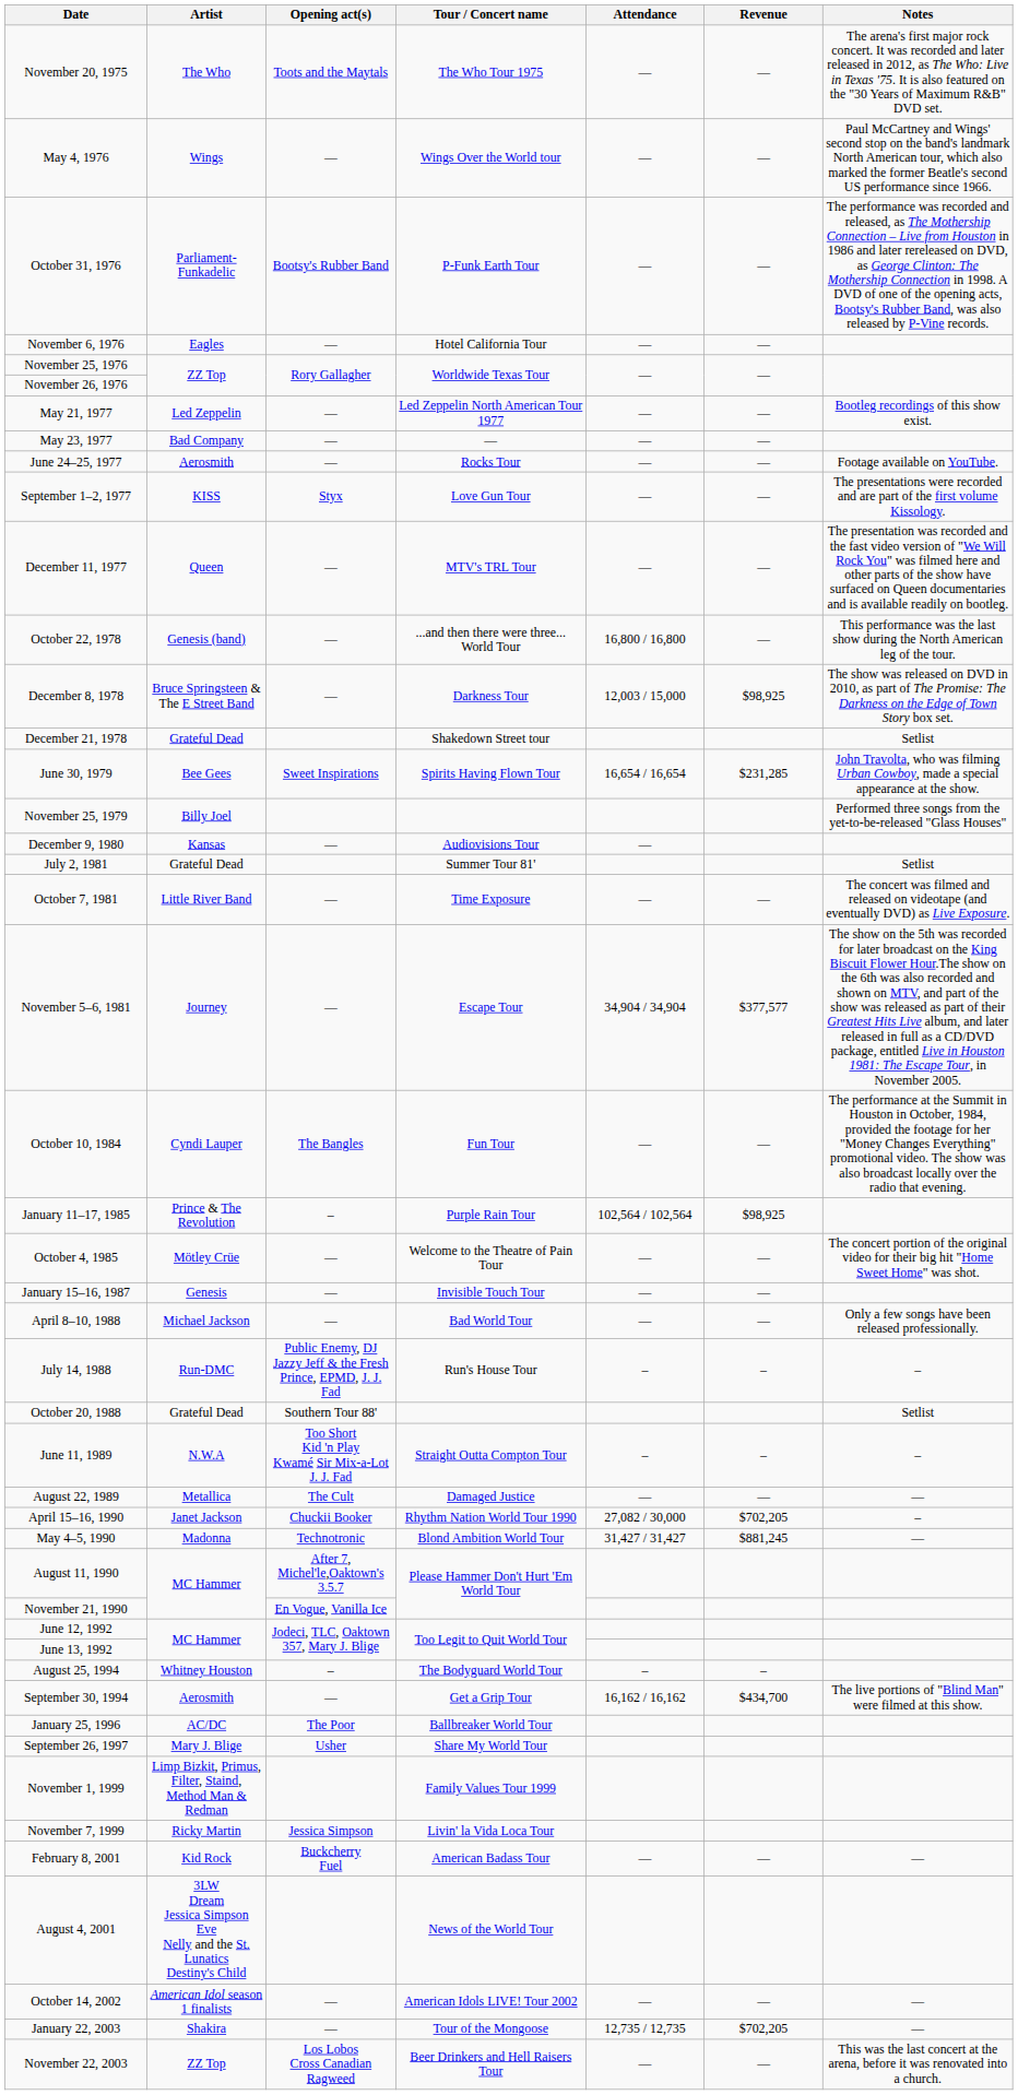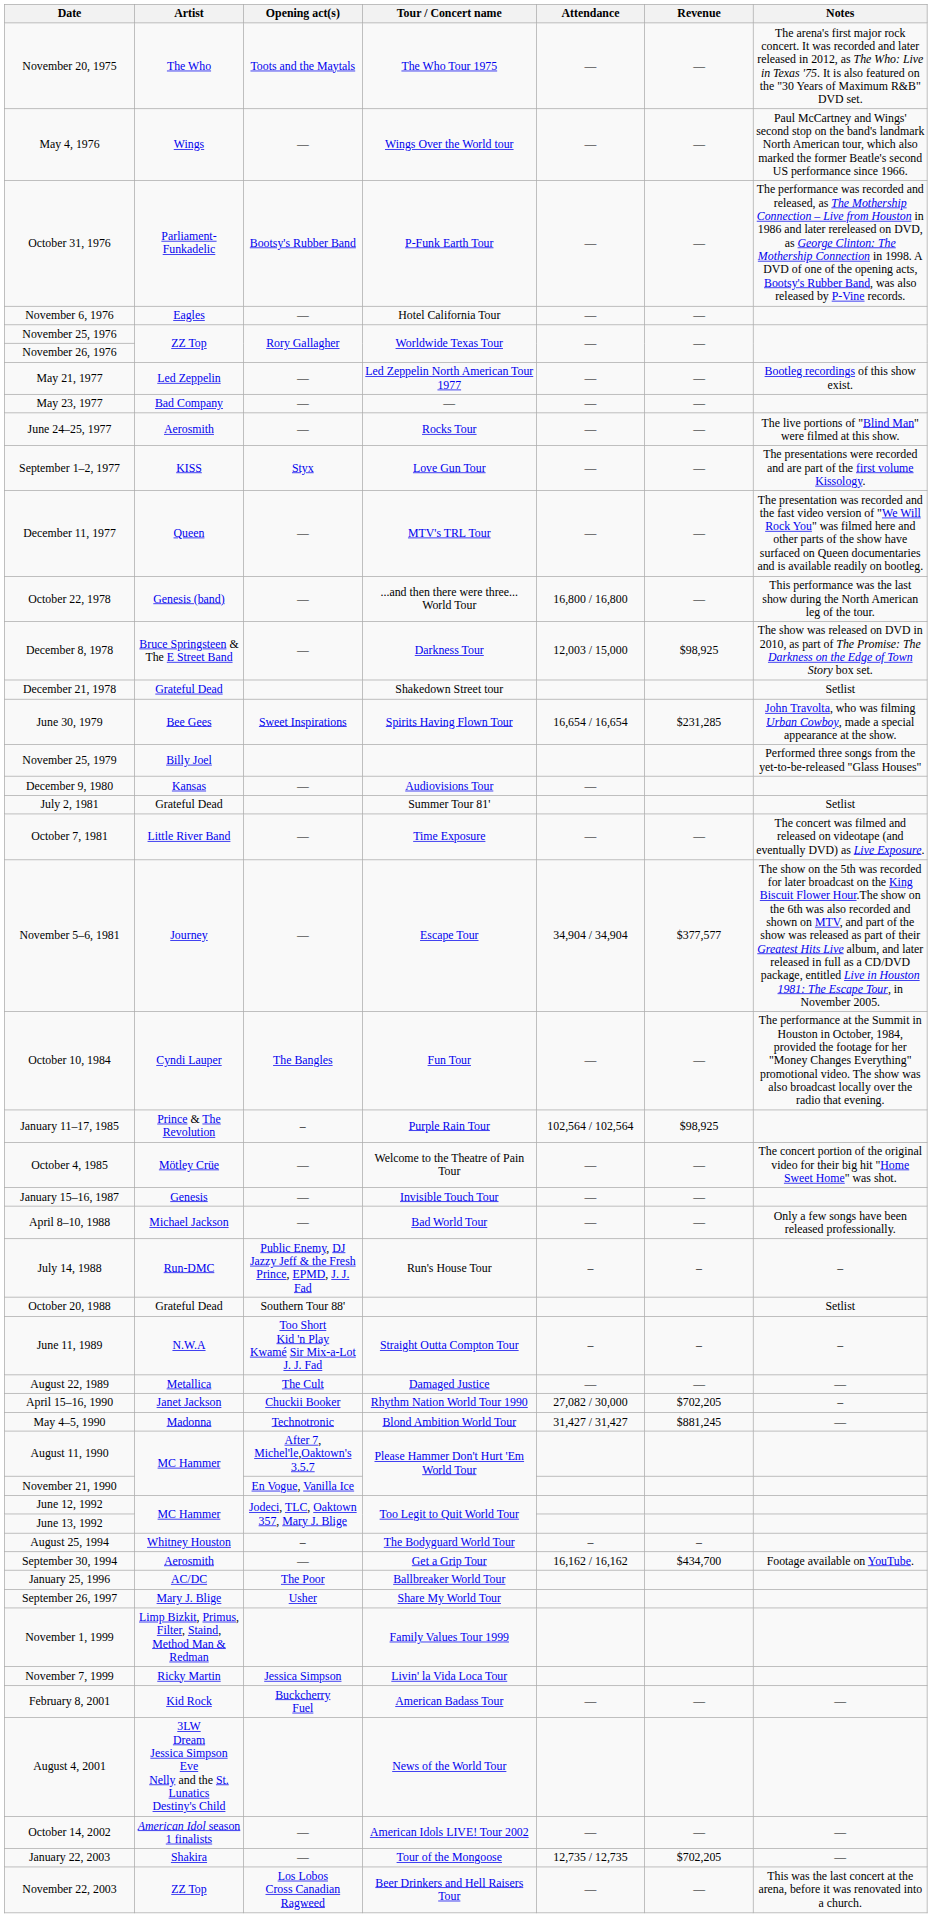 <table class="wikitable mw-collapsible" style="text-align:center;">
 <tr>
 <th width=12% style="text-align:center;">Date</th>
 <th width=10% style="text-align:center;">Artist</th>
 <th width=10% style="text-align:center;">Opening act(s)</th>
 <th width=16% style="text-align:center;">Tour / Concert name</th>
 <th width=10% style="text-align:center;">Attendance</th>
 <th width=10% style="text-align:center;">Revenue</th>
 <th width=16% style="text-align:center;">Notes</th>
 </tr>
 <tr>
 <td>November 20, 1975</td>
 <td><a href='#'>The Who</a></td>
 <td><a href='#'>Toots and the Maytals</a></td>
 <td><a href='#'>The Who Tour 1975</a></td>
 <td>—</td>
 <td>—</td>
 <td>The arena's first major rock concert. It was recorded and later released in 2012, as <em>The Who: Live in Texas '75</em>. It is also featured on the "30 Years of Maximum R&B" DVD set.</td>
 </tr>
 <tr>
 <td>May 4, 1976</td>
 <td><a href='#'>Wings</a></td>
 <td>—</td>
 <td><a href='#'>Wings Over the World tour</a></td>
 <td>—</td>
 <td>—</td>
 <td>Paul McCartney and Wings' second stop on the band's landmark North American tour, which also marked the former Beatle's second US performance since 1966.</td>
 </tr>
 <tr>
 <td>October 31, 1976</td>
 <td><a href='#'>Parliament-Funkadelic</a></td>
 <td><a href='#'>Bootsy's Rubber Band</a></td>
 <td><a href='#'>P-Funk Earth Tour</a></td>
 <td>—</td>
 <td>—</td>
 <td>The performance was recorded and released, as <em><a href='#'>The Mothership Connection – Live from Houston</a></em> in 1986 and later rereleased on DVD, as <em><a href='#'>George Clinton: The Mothership Connection</a></em> in 1998. A DVD of one of the opening acts, <a href='#'>Bootsy's Rubber Band</a>, was also released by <a href='#'>P-Vine</a> records.</td>
 </tr>
 <tr>
 <td>November 6, 1976</td>
 <td><a href='#'>Eagles</a></td>
 <td>—</td>
 <td>Hotel California Tour</td>
 <td>—</td>
 <td>—</td>
 <td></td>
 </tr>
 <tr>
 <td>November 25, 1976</td>
 <td rowspan="2"><a href='#'>ZZ Top</a></td>
 <td rowspan="2"><a href='#'>Rory Gallagher</a></td>
 <td rowspan="2"><a href='#'>Worldwide Texas Tour</a></td>
 <td rowspan="2">—</td>
 <td rowspan="2">—</td>
 <td rowspan="2"></td>
 </tr>
 <tr>
 <td>November 26, 1976</td>
 </tr>
 <tr>
 <td>May 21, 1977</td>
 <td><a href='#'>Led Zeppelin</a></td>
 <td>—</td>
 <td><a href='#'>Led Zeppelin North American Tour 1977</a></td>
 <td>—</td>
 <td>—</td>
 <td><a href='#'>Bootleg recordings</a> of this show exist.</td>
 </tr>
 <tr>
 <td>May 23, 1977</td>
 <td><a href='#'>Bad Company</a></td>
 <td>—</td>
 <td>—</td>
 <td>—</td>
 <td>—</td>
 <td></td>
 </tr>
 <tr>
 <td>June 24–25, 1977</td>
 <td><a href='#'>Aerosmith</a></td>
 <td>—</td>
 <td><a href='#'>Rocks Tour</a></td>
 <td>—</td>
 <td>—</td>
-<td>Footage available on <a href='#'>YouTube</a>.</td>
+<td>The live portions of "<a href='#'>Blind Man</a>" were filmed at this show.</td>
 </tr>
 <tr>
 <td>September 1–2, 1977</td>
 <td><a href='#'>KISS</a></td>
 <td><a href='#'>Styx</a></td>
 <td><a href='#'>Love Gun Tour</a></td>
 <td>—</td>
 <td>—</td>
 <td>The presentations were recorded and are part of the <a href='#'>first volume Kissology</a>.</td>
 </tr>
 <tr>
 <td>December 11, 1977</td>
 <td><a href='#'>Queen</a></td>
 <td>—</td>
 <td><a href='#'>MTV's TRL Tour</a></td>
 <td>—</td>
 <td>—</td>
 <td>The presentation was recorded and the fast video version of "<a href='#'>We Will Rock You</a>" was filmed here and other parts of the show have surfaced on Queen documentaries and is available readily on bootleg.</td>
 </tr>
 <tr>
 <td>October 22, 1978</td>
 <td><a href='#'>Genesis (band)</a></td>
 <td>—</td>
 <td>...and then there were three... World Tour</td>
 <td>16,800 / 16,800</td>
 <td>—</td>
 <td>This performance was the last show during the North American leg of the tour.</td>
 </tr>
 <tr>
 <td>December 8, 1978</td>
 <td><a href='#'>Bruce Springsteen</a> & The <a href='#'>E Street Band</a></td>
 <td>—</td>
 <td><a href='#'>Darkness Tour</a></td>
 <td>12,003 / 15,000</td>
 <td>$98,925</td>
 <td>The show was released on DVD in 2010, as part of <em>The Promise: The <a href='#'>Darkness on the Edge of Town</a> Story</em> box set.</td>
 </tr>
 <tr>
 <td>December 21, 1978</td>
 <td><a href='#'>Grateful Dead</a></td>
 <td></td>
 <td>Shakedown Street tour</td>
 <td></td>
 <td></td>
 <td>Setlist</td>
 </tr>
 <tr>
 <td>June 30, 1979</td>
 <td><a href='#'>Bee Gees</a></td>
 <td><a href='#'>Sweet Inspirations</a></td>
 <td><a href='#'>Spirits Having Flown Tour</a></td>
 <td>16,654 / 16,654</td>
 <td>$231,285</td>
 <td><a href='#'>John Travolta</a>, who was filming <em><a href='#'>Urban Cowboy</a></em>, made a special appearance at the show.</td>
 </tr>
 <tr>
 <td>November 25, 1979</td>
 <td><a href='#'>Billy Joel</a></td>
 <td></td>
 <td></td>
 <td></td>
 <td></td>
 <td>Performed three songs from the yet-to-be-released "Glass Houses"</td>
 </tr>
 <tr>
 <td>December 9, 1980</td>
 <td><a href='#'>Kansas</a></td>
 <td>—</td>
 <td><a href='#'>Audiovisions Tour</a></td>
 <td>—</td>
 <td></td>
 </tr>
 <tr>
 <td>July 2, 1981</td>
 <td>Grateful Dead</td>
 <td></td>
 <td>Summer Tour 81'</td>
 <td></td>
 <td></td>
 <td>Setlist </td>
 </tr>
 <tr>
 <td>October 7, 1981</td>
 <td><a href='#'>Little River Band</a></td>
 <td>—</td>
 <td><a href='#'>Time Exposure</a></td>
 <td>—</td>
 <td>—</td>
 <td>The concert was filmed and released on videotape (and eventually DVD) as <em><a href='#'>Live Exposure</a></em>.</td>
 </tr>
 <tr>
 <td>November 5–6, 1981</td>
 <td><a href='#'>Journey</a></td>
 <td>—</td>
 <td><a href='#'>Escape Tour</a></td>
 <td>34,904 / 34,904</td>
 <td>$377,577</td>
 <td>The show on the 5th was recorded for later broadcast on the <a href='#'>King Biscuit Flower Hour</a>.The show on the 6th was also recorded and shown on <a href='#'>MTV</a>, and part of the show was released as part of their <em><a href='#'>Greatest Hits Live</a></em> album, and later released in full as a CD/DVD package, entitled <em><a href='#'>Live in Houston 1981: The Escape Tour</a></em>, in November 2005.</td>
 </tr>
 <tr>
 <td>October 10, 1984</td>
 <td><a href='#'>Cyndi Lauper</a></td>
 <td><a href='#'>The Bangles</a></td>
 <td><a href='#'>Fun Tour</a></td>
 <td>—</td>
 <td>—</td>
 <td>The performance at the Summit in Houston in October, 1984, provided the footage for her "Money Changes Everything" promotional video. The show was also broadcast locally over the radio that evening.</td>
 </tr>
 <tr>
 <td>January 11–17, 1985</td>
 <td><a href='#'>Prince</a> & <a href='#'>The Revolution</a></td>
 <td>–</td>
 <td><a href='#'>Purple Rain Tour</a></td>
 <td>102,564 / 102,564</td>
 <td>$98,925</td>
 <td></td>
 </tr>
 <tr>
 <td>October 4, 1985</td>
 <td><a href='#'>Mötley Crüe</a></td>
 <td>—</td>
 <td>Welcome to the Theatre of Pain Tour</td>
 <td>—</td>
 <td>—</td>
 <td>The concert portion of the original video for their big hit "<a href='#'>Home Sweet Home</a>" was shot.</td>
 </tr>
 <tr>
 <td>January 15–16, 1987</td>
 <td><a href='#'>Genesis</a></td>
 <td>—</td>
 <td><a href='#'>Invisible Touch Tour</a></td>
 <td>—</td>
 <td>—</td>
 <td></td>
 </tr>
 <tr>
 <td>April 8–10, 1988</td>
 <td><a href='#'>Michael Jackson</a></td>
 <td>—</td>
 <td><a href='#'>Bad World Tour</a></td>
 <td>—</td>
 <td>—</td>
 <td>Only a few songs have been released professionally.</td>
 </tr>
 <tr>
 <td>July 14, 1988</td>
 <td><a href='#'>Run-DMC</a></td>
 <td><a href='#'>Public Enemy</a>, <a href='#'>DJ Jazzy Jeff & the Fresh Prince</a>, <a href='#'>EPMD</a>, <a href='#'>J. J. Fad</a></td>
 <td>Run's House Tour</td>
 <td>–</td>
 <td>–</td>
 <td>–</td>
 </tr>
 <tr>
 <td>October 20, 1988</td>
 <td>Grateful Dead</td>
 <td>Southern Tour 88'</td>
 <td></td>
 <td></td>
 <td></td>
 <td>Setlist </td>
 </tr>
 <tr>
 <td>June 11, 1989</td>
 <td><a href='#'>N.W.A</a></td>
 <td><a href='#'>Too Short</a><br><a href='#'>Kid 'n Play</a><br><a href='#'>Kwamé</a> <a href='#'>Sir Mix-a-Lot</a><br><a href='#'>J. J. Fad</a></td>
 <td><a href='#'>Straight Outta Compton Tour</a></td>
 <td>–</td>
 <td>–</td>
 <td>–</td>
 </tr>
 <tr>
 <td>August 22, 1989</td>
 <td><a href='#'>Metallica</a></td>
 <td><a href='#'>The Cult</a></td>
 <td><a href='#'>Damaged Justice</a></td>
 <td>—</td>
 <td>—</td>
 <td>—</td>
 </tr>
 <tr>
 <td>April 15–16, 1990</td>
 <td><a href='#'>Janet Jackson</a></td>
 <td><a href='#'>Chuckii Booker</a></td>
 <td><a href='#'>Rhythm Nation World Tour 1990</a></td>
 <td>27,082 / 30,000</td>
 <td>$702,205</td>
 <td>–</td>
 </tr>
 <tr>
 <td>May 4–5, 1990</td>
 <td><a href='#'>Madonna</a></td>
 <td><a href='#'>Technotronic</a></td>
 <td><a href='#'>Blond Ambition World Tour</a></td>
 <td>31,427 / 31,427</td>
 <td>$881,245</td>
 <td>—</td>
 </tr>
 <tr>
 <td>August 11, 1990</td>
 <td rowspan="2"><a href='#'>MC Hammer</a></td>
 <td><a href='#'>After 7</a>, <a href='#'>Michel'le</a>,<a href='#'>Oaktown's 3.5.7</a></td>
 <td rowspan="2"><a href='#'>Please Hammer Don't Hurt 'Em World Tour</a></td>
 <td></td>
 <td></td>
 <td></td>
 </tr>
 <tr>
 <td>November 21, 1990</td>
 <td><a href='#'>En Vogue</a>, <a href='#'>Vanilla Ice</a></td>
 <td></td>
 <td></td>
 <td></td>
 </tr>
 <tr>
 <td>June 12, 1992</td>
 <td rowspan="2"><a href='#'>MC Hammer</a></td>
 <td rowspan="2"><a href='#'>Jodeci</a>, <a href='#'>TLC</a>, <a href='#'>Oaktown 357</a>, <a href='#'>Mary J. Blige</a></td>
 <td rowspan="2"><a href='#'>Too Legit to Quit World Tour</a></td>
 <td></td>
 <td></td>
 <td></td>
 </tr>
 <tr>
 <td>June 13, 1992</td>
 <td></td>
 <td></td>
 <td></td>
 </tr>
 <tr>
 <td>August 25, 1994</td>
 <td><a href='#'>Whitney Houston</a></td>
 <td>–</td>
 <td><a href='#'>The Bodyguard World Tour</a></td>
 <td>–</td>
 <td>–</td>
 <td></td>
 </tr>
 <tr>
 <td>September 30, 1994</td>
 <td><a href='#'>Aerosmith</a></td>
 <td>—</td>
 <td><a href='#'>Get a Grip Tour</a></td>
 <td>16,162 / 16,162</td>
 <td>$434,700</td>
-<td>The live portions of "<a href='#'>Blind Man</a>" were filmed at this show.</td>
+<td>Footage available on <a href='#'>YouTube</a>.</td>
 </tr>
 <tr>
 <td>January 25, 1996</td>
 <td><a href='#'>AC/DC</a></td>
 <td><a href='#'>The Poor</a></td>
 <td><a href='#'>Ballbreaker World Tour</a></td>
 <td></td>
 <td></td>
 <td></td>
 </tr>
 <tr>
 <td>September 26, 1997</td>
 <td><a href='#'>Mary J. Blige</a></td>
 <td><a href='#'>Usher</a></td>
 <td><a href='#'>Share My World Tour</a></td>
 <td></td>
 <td></td>
 <td></td>
 </tr>
 <tr>
 <td>November 1, 1999</td>
 <td><a href='#'>Limp Bizkit</a>, <a href='#'>Primus</a>, <a href='#'>Filter</a>, <a href='#'>Staind</a>, <a href='#'>Method Man & Redman</a></td>
 <td></td>
 <td><a href='#'>Family Values Tour 1999</a></td>
 <td></td>
 <td></td>
 <td></td>
 </tr>
 <tr>
 <td>November 7, 1999</td>
 <td><a href='#'>Ricky Martin</a></td>
 <td><a href='#'>Jessica Simpson</a></td>
 <td><a href='#'>Livin' la Vida Loca Tour</a></td>
 <td></td>
 <td></td>
 <td></td>
 </tr>
 <tr>
 <td>February 8, 2001</td>
 <td><a href='#'>Kid Rock</a></td>
 <td><a href='#'>Buckcherry</a><br><a href='#'>Fuel</a></td>
 <td><a href='#'>American Badass Tour</a></td>
 <td>—</td>
 <td>—</td>
 <td>—</td>
 </tr>
 <tr>
 <td>August 4, 2001</td>
 <td><a href='#'>3LW</a><br><a href='#'>Dream</a><br><a href='#'>Jessica Simpson</a><br><a href='#'>Eve</a><br><a href='#'>Nelly</a> and the <a href='#'>St. Lunatics</a><br><a href='#'>Destiny's Child</a></td>
 <td></td>
 <td><a href='#'>News of the World Tour</a></td>
 <td></td>
 <td></td>
 <td></td>
 </tr>
 <tr>
 <td>October 14, 2002</td>
 <td><a href='#'><em>American Idol</em> season 1 finalists</a></td>
 <td>—</td>
 <td><a href='#'>American Idols LIVE! Tour 2002</a></td>
 <td>—</td>
 <td>—</td>
 <td>—</td>
 </tr>
 <tr>
 <td>January 22, 2003</td>
 <td><a href='#'>Shakira</a></td>
 <td>—</td>
 <td><a href='#'>Tour of the Mongoose</a></td>
 <td>12,735 / 12,735</td>
 <td>$702,205</td>
 <td>—</td>
 </tr>
 <tr>
 <td>November 22, 2003</td>
 <td><a href='#'>ZZ Top</a></td>
 <td><a href='#'>Los Lobos</a><br><a href='#'>Cross Canadian Ragweed</a></td>
 <td><a href='#'>Beer Drinkers and Hell Raisers Tour</a></td>
 <td>—</td>
 <td>—</td>
 <td>This was the last concert at the arena, before it was renovated into a church.</td>
 </tr>
 </table>
